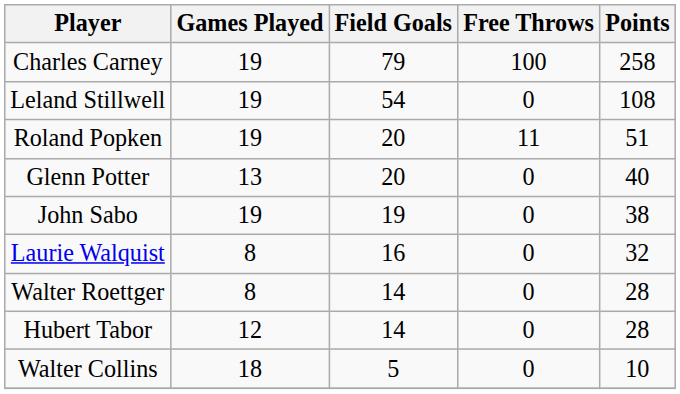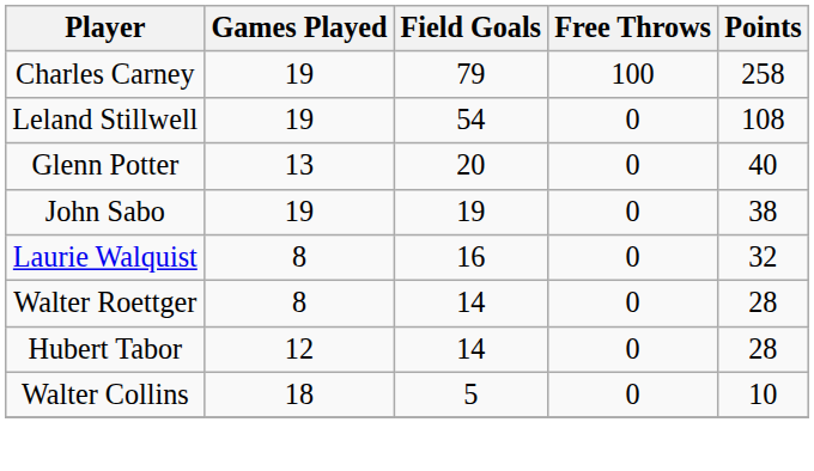 <table class="wikitable sortable">
 <tr>
 <th>Player</th>
 <th>Games Played</th>
 <th>Field Goals</th>
 <th>Free Throws</th>
 <th>Points</th>
 </tr>
 <tr align="center" bgcolor="">
 <td>Charles Carney</td>
 <td>19</td>
 <td>79</td>
 <td>100</td>
 <td>258</td>
 </tr>
 <tr align="center" bgcolor="">
 <td>Leland Stillwell</td>
 <td>19</td>
 <td>54</td>
 <td>0</td>
 <td>108</td>
-</tr>
-<tr align="center" bgcolor="">
-<td>Roland Popken</td>
-<td>19</td>
-<td>20</td>
-<td>11</td>
-<td>51</td>
 </tr>
 <tr align="center" bgcolor="">
 <td>Glenn Potter</td>
 <td>13</td>
 <td>20</td>
 <td>0</td>
 <td>40</td>
 </tr>
 <tr align="center" bgcolor="">
 <td>John Sabo</td>
 <td>19</td>
 <td>19</td>
 <td>0</td>
 <td>38</td>
 </tr>
 <tr align="center" bgcolor="">
 <td><a href='#'>Laurie Walquist</a></td>
 <td>8</td>
 <td>16</td>
 <td>0</td>
 <td>32</td>
 </tr>
 <tr align="center" bgcolor="">
 <td>Walter Roettger</td>
 <td>8</td>
 <td>14</td>
 <td>0</td>
 <td>28</td>
 </tr>
 <tr align="center" bgcolor="">
 <td>Hubert Tabor</td>
 <td>12</td>
 <td>14</td>
 <td>0</td>
 <td>28</td>
 </tr>
 <tr align="center" bgcolor="">
 <td>Walter Collins</td>
 <td>18</td>
 <td>5</td>
 <td>0</td>
 <td>10</td>
 </tr>
 <tr align="center" bgcolor="">
 </tr>
 </table>
